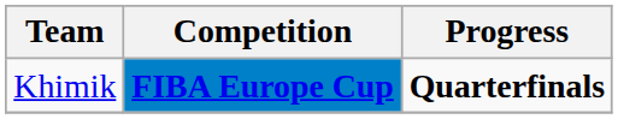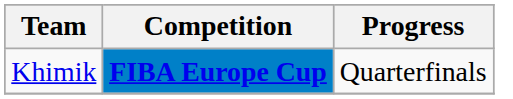 <table class="wikitable sortable">
 <tr>
 <th>Team</th>
 <th>Competition</th>
 <th>Progress</th>
 </tr>
 <tr>
 <td><a href='#'>Khimik</a></td>
 <td style="background-color:#0080C8;color:white;text-align:center"><strong><a href='#'><span>FIBA Europe Cup</span></a></strong></td>
-<td><strong>Quarterfinals</strong></td>
+<td>Quarterfinals</td>
 </tr>
 <tr>
 </tr>
 </table>
